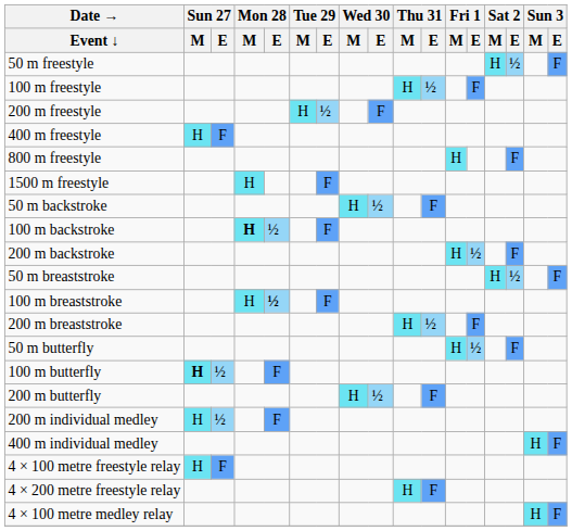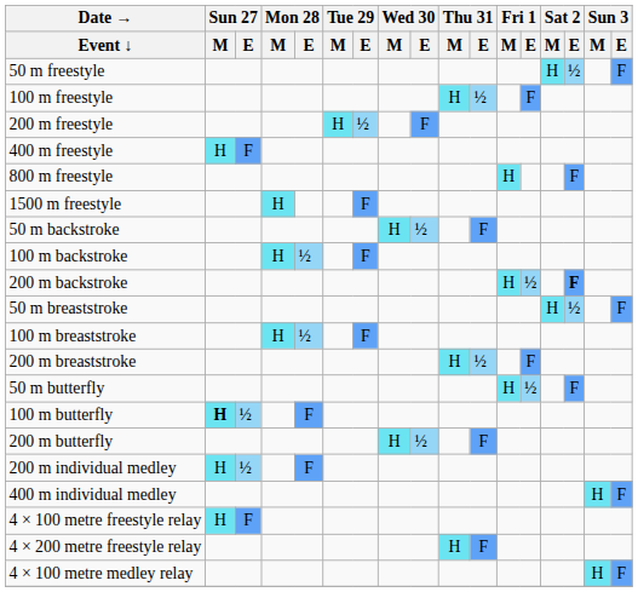 <table class="wikitable">
 <tr style="text-align:center;">
 <th>Date →</th>
 <th colspan="2">Sun 27</th>
 <th colspan="2">Mon 28</th>
 <th colspan="2">Tue 29</th>
 <th colspan="2">Wed 30</th>
 <th colspan="2">Thu 31</th>
 <th colspan="2">Fri 1</th>
 <th colspan="2">Sat 2</th>
 <th colspan="2">Sun 3</th>
 </tr>
 <tr>
 <th>Event ↓</th>
 <th>M</th>
 <th>E</th>
 <th>M</th>
 <th>E</th>
 <th>M</th>
 <th>E</th>
 <th>M</th>
 <th>E</th>
 <th>M</th>
 <th>E</th>
 <th>M</th>
 <th>E</th>
 <th>M</th>
 <th>E</th>
 <th>M</th>
 <th>E</th>
 </tr>
 <tr>
 <td class=event>50 m freestyle</td>
 <td colspan=2></td>
 <td colspan=2></td>
 <td colspan=2></td>
 <td colspan=2></td>
 <td colspan=2></td>
 <td colspan=2></td>
 <td style="background-color:#6be4f2; text-align:center;">H</td>
 <td style="background-color:#95d6f7;">½</td>
 <td></td>
 <td style="background-color:#5ea2f7; text-align:center;">F</td>
 </tr>
 <tr>
 <td class=event>100 m freestyle</td>
 <td colspan=2></td>
 <td colspan=2></td>
 <td colspan=2></td>
 <td colspan=2></td>
 <td style="background-color:#6be4f2; text-align:center;">H</td>
 <td style="background-color:#95d6f7;">½</td>
 <td></td>
 <td style="background-color:#5ea2f7; text-align:center;">F</td>
 <td colspan=2></td>
 <td colspan=2></td>
 </tr>
 <tr>
 <td class=event>200 m freestyle</td>
 <td colspan=2></td>
 <td colspan=2></td>
 <td style="background-color:#6be4f2; text-align:center;">H</td>
 <td style="background-color:#95d6f7;">½</td>
 <td></td>
 <td style="background-color:#5ea2f7; text-align:center;">F</td>
 <td colspan=2></td>
 <td colspan=2></td>
 <td colspan=2></td>
 <td colspan=2></td>
 </tr>
 <tr>
 <td class=event>400 m freestyle</td>
 <td style="background-color:#6be4f2; text-align:center;">H</td>
 <td style="background-color:#5ea2f7; text-align:center;">F</td>
 <td colspan=2></td>
 <td colspan=2></td>
 <td colspan=2></td>
 <td colspan=2></td>
 <td colspan=2></td>
 <td colspan=2></td>
 </tr>
 <tr>
 <td class=event>800 m freestyle</td>
 <td colspan=2></td>
 <td colspan=2></td>
 <td colspan=2></td>
 <td colspan=2></td>
 <td colspan=2></td>
 <td style="background-color:#6be4f2; text-align:center;">H</td>
 <td></td>
 <td></td>
 <td style="background-color:#5ea2f7; text-align:center;">F</td>
 <td colspan=2></td>
 </tr>
 <tr>
 <td class=event>1500 m freestyle</td>
 <td colspan=2></td>
 <td style="background-color:#6be4f2; text-align:center;">H</td>
 <td></td>
 <td></td>
 <td style="background-color:#5ea2f7; text-align:center;">F</td>
 <td colspan=2></td>
 <td colspan=2></td>
 <td colspan=2></td>
 <td colspan=2></td>
 <td colspan=2></td>
 </tr>
 <tr>
 <td class=event>50 m backstroke</td>
 <td colspan=2></td>
 <td colspan=2></td>
 <td colspan=2></td>
 <td style="background-color:#6be4f2; text-align:center;">H</td>
 <td style="background-color:#95d6f7;">½</td>
 <td></td>
 <td style="background-color:#5ea2f7; text-align:center;">F</td>
 <td colspan=2></td>
 <td colspan=2></td>
 <td colspan=2></td>
 </tr>
 <tr>
 <td class=event>100 m backstroke</td>
 <td colspan=2></td>
-<td style="background-color:#6be4f2; text-align:center;"><strong>H</strong></td>
+<td style="background-color:#6be4f2; text-align:center;">H</td>
 <td style="background-color:#95d6f7;">½</td>
 <td></td>
 <td style="background-color:#5ea2f7; text-align:center;">F</td>
 <td colspan=2></td>
 <td colspan=2></td>
 <td colspan=2></td>
 <td colspan=2></td>
 <td colspan=2></td>
 </tr>
 <tr>
 <td class=event>200 m backstroke</td>
 <td colspan=2></td>
 <td colspan=2></td>
 <td colspan=2></td>
 <td colspan=2></td>
 <td colspan=2></td>
 <td style="background-color:#6be4f2; text-align:center;">H</td>
 <td style="background-color:#95d6f7;">½</td>
 <td></td>
-<td style="background-color:#5ea2f7; text-align:center;">F</td>
+<td style="background-color:#5ea2f7; text-align:center;"><strong>F</strong></td>
 <td colspan=2></td>
 </tr>
 <tr>
 <td class=event>50 m breaststroke</td>
 <td colspan=2></td>
 <td colspan=2></td>
 <td colspan=2></td>
 <td colspan=2></td>
 <td colspan=2></td>
 <td colspan=2></td>
 <td style="background-color:#6be4f2; text-align:center;">H</td>
 <td style="background-color:#95d6f7;">½</td>
 <td></td>
 <td style="background-color:#5ea2f7; text-align:center;">F</td>
 </tr>
 <tr>
 <td class=event>100 m breaststroke</td>
 <td colspan=2></td>
 <td style="background-color:#6be4f2; text-align:center;">H</td>
-<td style="background-color:#95d6f7;"><strong>½</strong></td>
+<td style="background-color:#95d6f7;">½</td>
 <td></td>
 <td style="background-color:#5ea2f7; text-align:center;">F</td>
 <td colspan=2></td>
 <td colspan=2></td>
 <td colspan=2></td>
 <td colspan=2></td>
 <td colspan=2></td>
 </tr>
 <tr>
 <td class=event>200 m breaststroke</td>
 <td colspan=2></td>
 <td colspan=2></td>
 <td colspan=2></td>
 <td colspan=2></td>
 <td style="background-color:#6be4f2; text-align:center;">H</td>
 <td style="background-color:#95d6f7;">½</td>
 <td></td>
 <td style="background-color:#5ea2f7; text-align:center;">F</td>
 <td colspan=2></td>
 <td colspan=2></td>
 </tr>
 <tr>
 <td class=event>50 m butterfly</td>
 <td colspan=2></td>
 <td colspan=2></td>
 <td colspan=2></td>
 <td colspan=2></td>
 <td colspan=2></td>
 <td style="background-color:#6be4f2; text-align:center;">H</td>
 <td style="background-color:#95d6f7;">½</td>
 <td></td>
 <td style="background-color:#5ea2f7; text-align:center;">F</td>
 <td colspan=2></td>
 </tr>
 <tr>
 <td class=event>100 m butterfly</td>
 <td style="background-color:#6be4f2; text-align:center;"><strong>H</strong></td>
 <td style="background-color:#95d6f7;">½</td>
 <td></td>
 <td style="background-color:#5ea2f7; text-align:center;">F</td>
 <td colspan=2></td>
 <td colspan=2></td>
 <td colspan=2></td>
 <td colspan=2></td>
 <td colspan=2></td>
 <td colspan=2></td>
 </tr>
 <tr>
 <td class=event>200 m butterfly</td>
 <td colspan=2></td>
 <td colspan=2></td>
 <td colspan=2></td>
 <td style="background-color:#6be4f2; text-align:center;">H</td>
 <td style="background-color:#95d6f7;">½</td>
 <td></td>
 <td style="background-color:#5ea2f7; text-align:center;">F</td>
 <td colspan=2></td>
 <td colspan=2></td>
 <td colspan=2></td>
 </tr>
 <tr>
 <td class=event>200 m individual medley</td>
 <td style="background-color:#6be4f2; text-align:center;">H</td>
 <td style="background-color:#95d6f7;">½</td>
 <td></td>
 <td style="background-color:#5ea2f7; text-align:center;">F</td>
 <td colspan=2></td>
 <td colspan=2></td>
 <td colspan=2></td>
 <td colspan=2></td>
 <td colspan=2></td>
 <td colspan=2></td>
 </tr>
 <tr>
 <td class=event>400 m individual medley</td>
 <td colspan=2></td>
 <td colspan=2></td>
 <td colspan=2></td>
 <td colspan=2></td>
 <td colspan=2></td>
 <td colspan=2></td>
 <td colspan=2></td>
 <td style="background-color:#6be4f2; text-align:center;">H</td>
 <td style="background-color:#5ea2f7; text-align:center;">F</td>
 </tr>
 <tr>
 <td class=event>4 × 100 metre freestyle relay</td>
 <td style="background-color:#6be4f2; text-align:center;">H</td>
 <td style="background-color:#5ea2f7; text-align:center;">F</td>
 <td colspan=2></td>
 <td colspan=2></td>
 <td colspan=2></td>
 <td colspan=2></td>
 <td colspan=2></td>
 <td colspan=2></td>
 <td colspan=2></td>
 </tr>
 <tr>
 <td class=event>4 × 200 metre freestyle relay</td>
 <td colspan=2></td>
 <td colspan=2></td>
 <td colspan=2></td>
 <td colspan=2></td>
 <td style="background-color:#6be4f2; text-align:center;">H</td>
 <td style="background-color:#5ea2f7; text-align:center;">F</td>
 <td colspan=2></td>
 <td colspan=2></td>
 <td colspan=2></td>
 </tr>
 <tr>
 <td class=event>4 × 100 metre medley relay</td>
 <td colspan=2></td>
 <td colspan=2></td>
 <td colspan=2></td>
 <td colspan=2></td>
 <td colspan=2></td>
 <td colspan=2></td>
 <td colspan=2></td>
 <td style="background-color:#6be4f2; text-align:center;">H</td>
 <td style="background-color:#5ea2f7; text-align:center;">F</td>
 </tr>
 <tr>
 </tr>
 </table>
